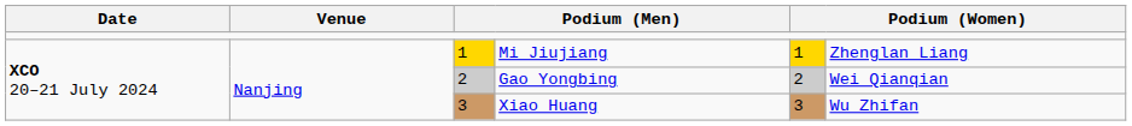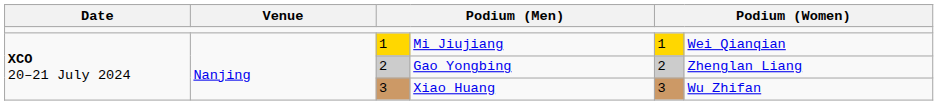 <table class="wikitable" width=70%>
 <tr>
 <th>Date</th>
 <th width=20%>Venue</th>
 <th colspan=2 width=30%>Podium (Men)</th>
 <th colspan=2 width=30%>Podium (Women)</th>
 </tr>
 <tr>
 <td colspan=6></td>
 </tr>
 <tr>
 <td rowspan=3><strong>XCO</strong> <br> 20–21 July 2024</td>
 <td rowspan=3><br><a href='#'>Nanjing</a></td>
 <td bgcolor=FFD700>1</td>
 <td><a href='#'>Mi Jiujiang</a></td>
 <td bgcolor=FFD700>1</td>
-<td><a href='#'>Zhenglan Liang</a></td>
+<td><a href='#'>Wei Qianqian</a></td>
 </tr>
 <tr>
 <td bgcolor=CCCCCC>2</td>
 <td><a href='#'>Gao Yongbing</a></td>
 <td bgcolor=CCCCCC>2</td>
-<td><a href='#'>Wei Qianqian</a></td>
+<td><a href='#'>Zhenglan Liang</a></td>
 </tr>
 <tr>
 <td bgcolor=CC9966>3</td>
 <td><a href='#'>Xiao Huang</a></td>
 <td bgcolor=CC9966>3</td>
 <td><a href='#'>Wu Zhifan</a></td>
 </tr>
 </table>
